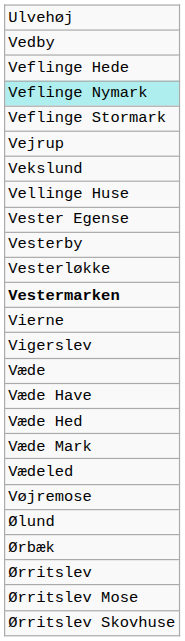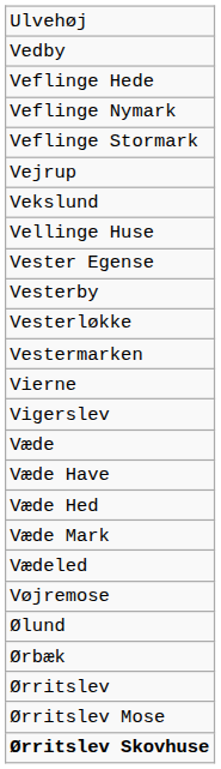 <table class="wikitable" style="float:left; margin-right:1em">
 <tr>
 <td>Ulvehøj</td>
 </tr>
 <tr>
 <td>Vedby</td>
 </tr>
 <tr>
 <td>Veflinge Hede</td>
 </tr>
 <tr>
-<td style="background: paleturquoise;">Veflinge Nymark</td>
+<td>Veflinge Nymark</td>
 </tr>
 <tr>
 <td>Veflinge Stormark</td>
 </tr>
 <tr>
 <td>Vejrup</td>
 </tr>
 <tr>
 <td>Vekslund</td>
 </tr>
 <tr>
 <td>Vellinge Huse</td>
 </tr>
 <tr>
 <td>Vester Egense</td>
 </tr>
 <tr>
 <td>Vesterby</td>
 </tr>
 <tr>
 <td>Vesterløkke</td>
 </tr>
 <tr>
-<td><strong>Vestermarken</strong></td>
+<td>Vestermarken</td>
 </tr>
 <tr>
 <td>Vierne</td>
 </tr>
 <tr>
 <td>Vigerslev</td>
 </tr>
 <tr>
 <td>Væde</td>
 </tr>
 <tr>
 <td>Væde Have</td>
 </tr>
 <tr>
 <td>Væde Hed</td>
 </tr>
 <tr>
 <td>Væde Mark</td>
 </tr>
 <tr>
 <td>Vædeled</td>
 </tr>
 <tr>
 <td>Vøjremose</td>
 </tr>
 <tr>
 <td>Ølund</td>
 </tr>
 <tr>
 <td>Ørbæk</td>
 </tr>
 <tr>
 <td>Ørritslev</td>
 </tr>
 <tr>
 <td>Ørritslev Mose</td>
 </tr>
 <tr>
-<td>Ørritslev Skovhuse</td>
+<td><strong>Ørritslev Skovhuse</strong></td>
 </tr>
 </table>
